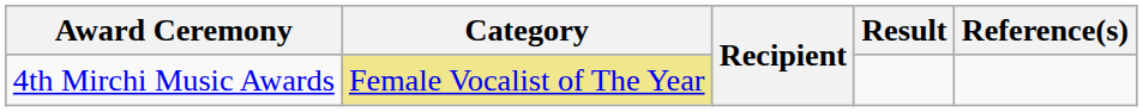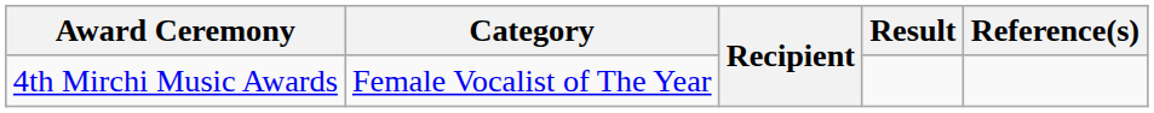 <table class=wikitable>
 <tr>
 <th>Award Ceremony</th>
 <th>Category</th>
 <th rowspan="2">Recipient</th>
 <th>Result</th>
 <th>Reference(s)</th>
 </tr>
 <tr>
 <td><a href='#'>4th Mirchi Music Awards</a></td>
-<td style="background: khaki;"><a href='#'>Female Vocalist of The Year</a></td>
+<td><a href='#'>Female Vocalist of The Year</a></td>
 <td></td>
 <td></td>
 </tr>
 </table>
